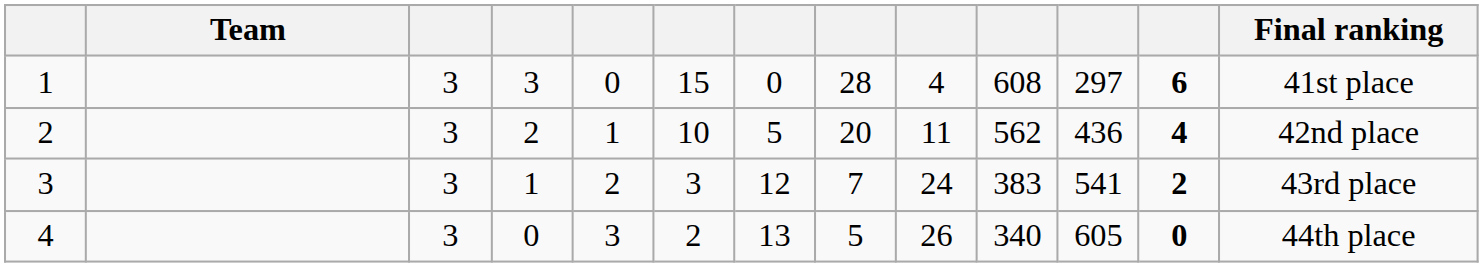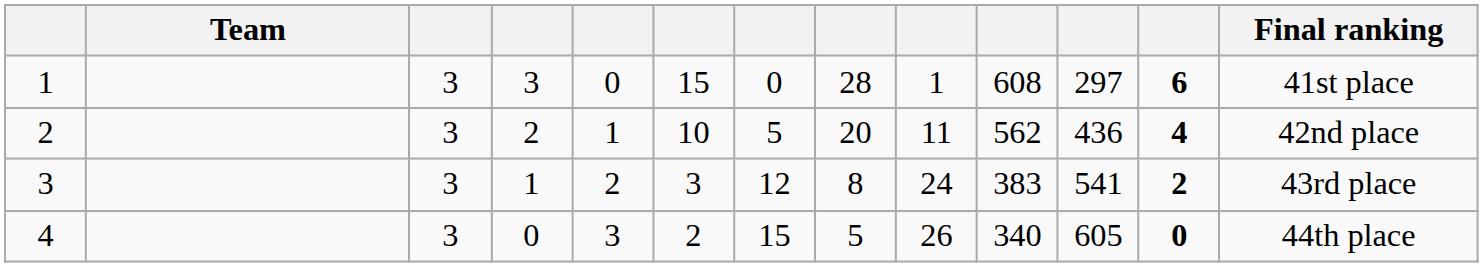 <table class=wikitable style="text-align:center" width=730>
 <tr>
 <th width=5.5%></th>
 <th width=22%>Team</th>
 <th width=5.5%></th>
 <th width=5.5%></th>
 <th width=5.5%></th>
 <th width=5.5%></th>
 <th width=5.5%></th>
 <th width=5.5%></th>
 <th width=5.5%></th>
 <th width=5.5%></th>
 <th width=5.5%></th>
 <th width=5.5%></th>
 <th width=18%>Final ranking</th>
 </tr>
 <tr>
 <td>1</td>
 <td style="text-align:left"></td>
 <td>3</td>
 <td>3</td>
 <td>0</td>
 <td>15</td>
 <td>0</td>
 <td>28</td>
-<td>4</td>
+<td>1</td>
 <td>608</td>
 <td>297</td>
 <td><strong>6</strong></td>
 <td>41st place</td>
 </tr>
 <tr>
 <td>2</td>
 <td style="text-align:left"></td>
 <td>3</td>
 <td>2</td>
 <td>1</td>
 <td>10</td>
 <td>5</td>
 <td>20</td>
 <td>11</td>
 <td>562</td>
 <td>436</td>
 <td><strong>4</strong></td>
 <td>42nd place</td>
 </tr>
 <tr>
 <td>3</td>
 <td style="text-align:left"></td>
 <td>3</td>
 <td>1</td>
 <td>2</td>
 <td>3</td>
 <td>12</td>
-<td>7</td>
+<td>8</td>
 <td>24</td>
 <td>383</td>
 <td>541</td>
 <td><strong>2</strong></td>
 <td>43rd place</td>
 </tr>
 <tr>
 <td>4</td>
 <td style="text-align:left"></td>
 <td>3</td>
 <td>0</td>
 <td>3</td>
 <td>2</td>
-<td>13</td>
+<td>15</td>
 <td>5</td>
 <td>26</td>
 <td>340</td>
 <td>605</td>
 <td><strong>0</strong></td>
 <td>44th place</td>
 </tr>
 </table>
